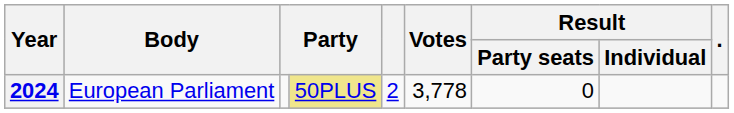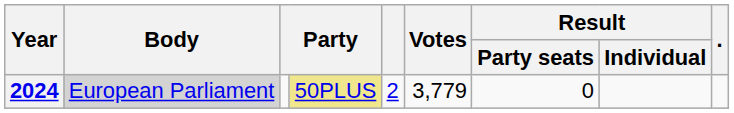 <table class="wikitable plainrowheaders sortable" border=2 cellpadding=4 cellspacing=0 style="border: 1px #aaa solid; font-size: 90%; text-align:center;">
 <tr>
 <th scope="col" rowspan=2>Year</th>
 <th scope="col" rowspan=2>Body</th>
 <th scope="col" colspan=2 rowspan=2>Party</th>
 <th scope="col" rowspan=2></th>
 <th scope="col" rowspan=2>Votes</th>
 <th scope="colgroup" colspan=2>Result</th>
 <th scope="col" rowspan=2>.</th>
 </tr>
 <tr>
 <th scope="col">Party seats</th>
 <th scope="col">Individual</th>
 </tr>
 <tr>
 <th scope="row"><a href='#'>2024</a></th>
-<td><a href='#'>European Parliament</a></td>
+<td style="background: lightgrey;"><a href='#'>European Parliament</a></td>
 <td style="background-color:"></td>
 <td style="background: khaki;"><a href='#'>50PLUS</a></td>
 <td style=text-align:right><a href='#'>2</a></td>
-<td style=text-align:right>3,778</td>
+<td style=text-align:right>3,779</td>
 <td style=text-align:right>0</td>
 <td></td>
 <td></td>
 </tr>
 </table>
